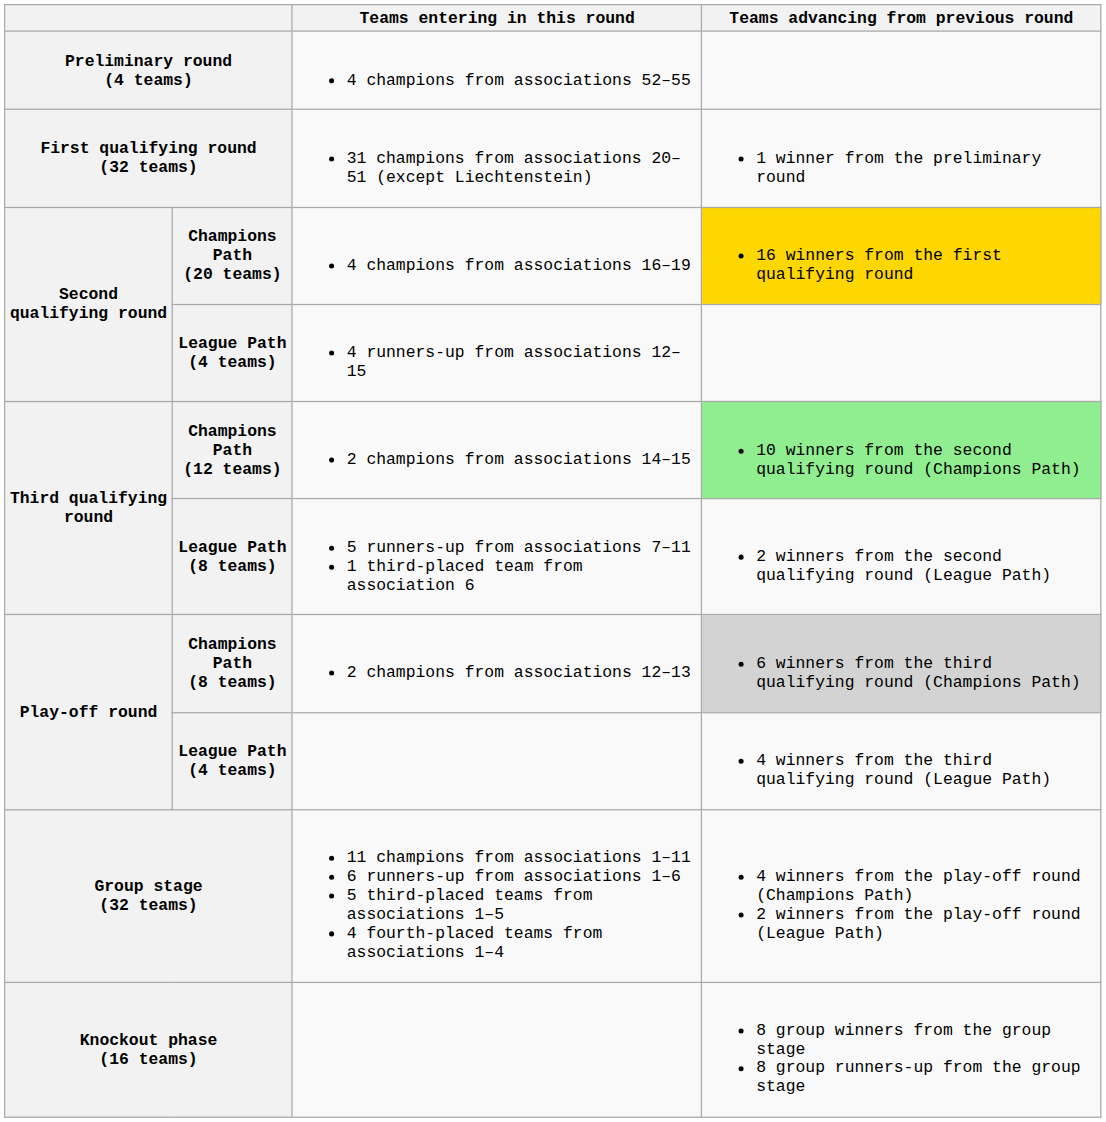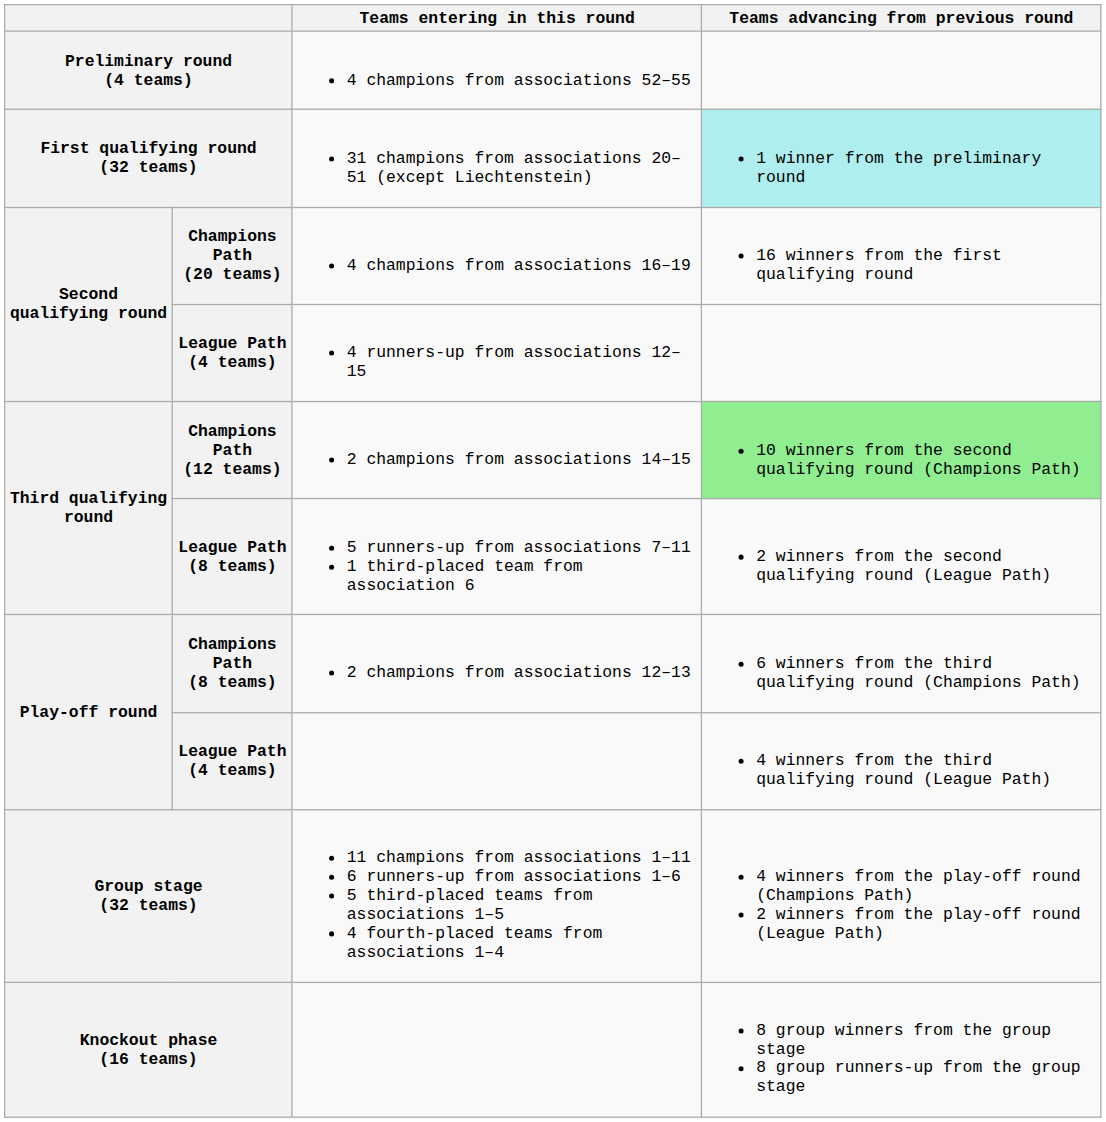 <table class="wikitable" style="line-height:15px;">
 <tr>
 <th colspan="2"></th>
 <th>Teams entering in this round</th>
 <th>Teams advancing from previous round</th>
 </tr>
 <tr>
 <th colspan="2">Preliminary round<br>(4 teams)</th>
 <td><br><ul><li>4 champions from associations 52–55</li></ul></td>
 <td></td>
 </tr>
 <tr>
 <th colspan="2">First qualifying round<br>(32 teams)</th>
 <td><br><ul><li>31 champions from associations 20–51 (except Liechtenstein)</li></ul></td>
-<td><br><ul><li>1 winner from the preliminary round</li></ul></td>
+<td style="background: paleturquoise;"><br><ul><li>1 winner from the preliminary round</li></ul></td>
 </tr>
 <tr>
 <th rowspan="2">Second qualifying round</th>
 <th>Champions Path<br>(20 teams)</th>
 <td><br><ul><li>4 champions from associations 16–19</li></ul></td>
-<td style="background: gold;"><br><ul><li>16 winners from the first qualifying round</li></ul></td>
+<td><br><ul><li>16 winners from the first qualifying round</li></ul></td>
 </tr>
 <tr>
 <th>League Path<br>(4 teams)</th>
 <td><br><ul><li>4 runners-up from associations 12–15</li></ul></td>
 <td></td>
 </tr>
 <tr>
 <th rowspan="2">Third qualifying round</th>
 <th>Champions Path<br>(12 teams)</th>
 <td><br><ul><li>2 champions from associations 14–15</li></ul></td>
 <td style="background: lightgreen;"><br><ul><li>10 winners from the second qualifying round (Champions Path)</li></ul></td>
 </tr>
 <tr>
 <th>League Path<br>(8 teams)</th>
 <td><br><ul><li>5 runners-up from associations 7–11</li><li>1 third-placed team from association 6</li></ul></td>
 <td><br><ul><li>2 winners from the second qualifying round (League Path)</li></ul></td>
 </tr>
 <tr>
 <th rowspan="2">Play-off round</th>
 <th>Champions Path<br>(8 teams)</th>
 <td><br><ul><li>2 champions from associations 12–13</li></ul></td>
-<td style="background: lightgrey;"><br><ul><li>6 winners from the third qualifying round (Champions Path)</li></ul></td>
+<td><br><ul><li>6 winners from the third qualifying round (Champions Path)</li></ul></td>
 </tr>
 <tr>
 <th>League Path<br>(4 teams)</th>
 <td></td>
 <td><br><ul><li>4 winners from the third qualifying round (League Path)</li></ul></td>
 </tr>
 <tr>
 <th colspan="2">Group stage<br>(32 teams)</th>
 <td><br><ul><li>11 champions from associations 1–11</li><li>6 runners-up from associations 1–6</li><li>5 third-placed teams from associations 1–5</li><li>4 fourth-placed teams from associations 1–4</li></ul></td>
 <td><br><ul><li>4 winners from the play-off round (Champions Path)</li><li>2 winners from the play-off round (League Path)</li></ul></td>
 </tr>
 <tr>
 <th colspan="2">Knockout phase<br>(16 teams)</th>
 <td></td>
 <td><br><ul><li>8 group winners from the group stage</li><li>8 group runners-up from the group stage</li></ul></td>
 </tr>
 </table>
